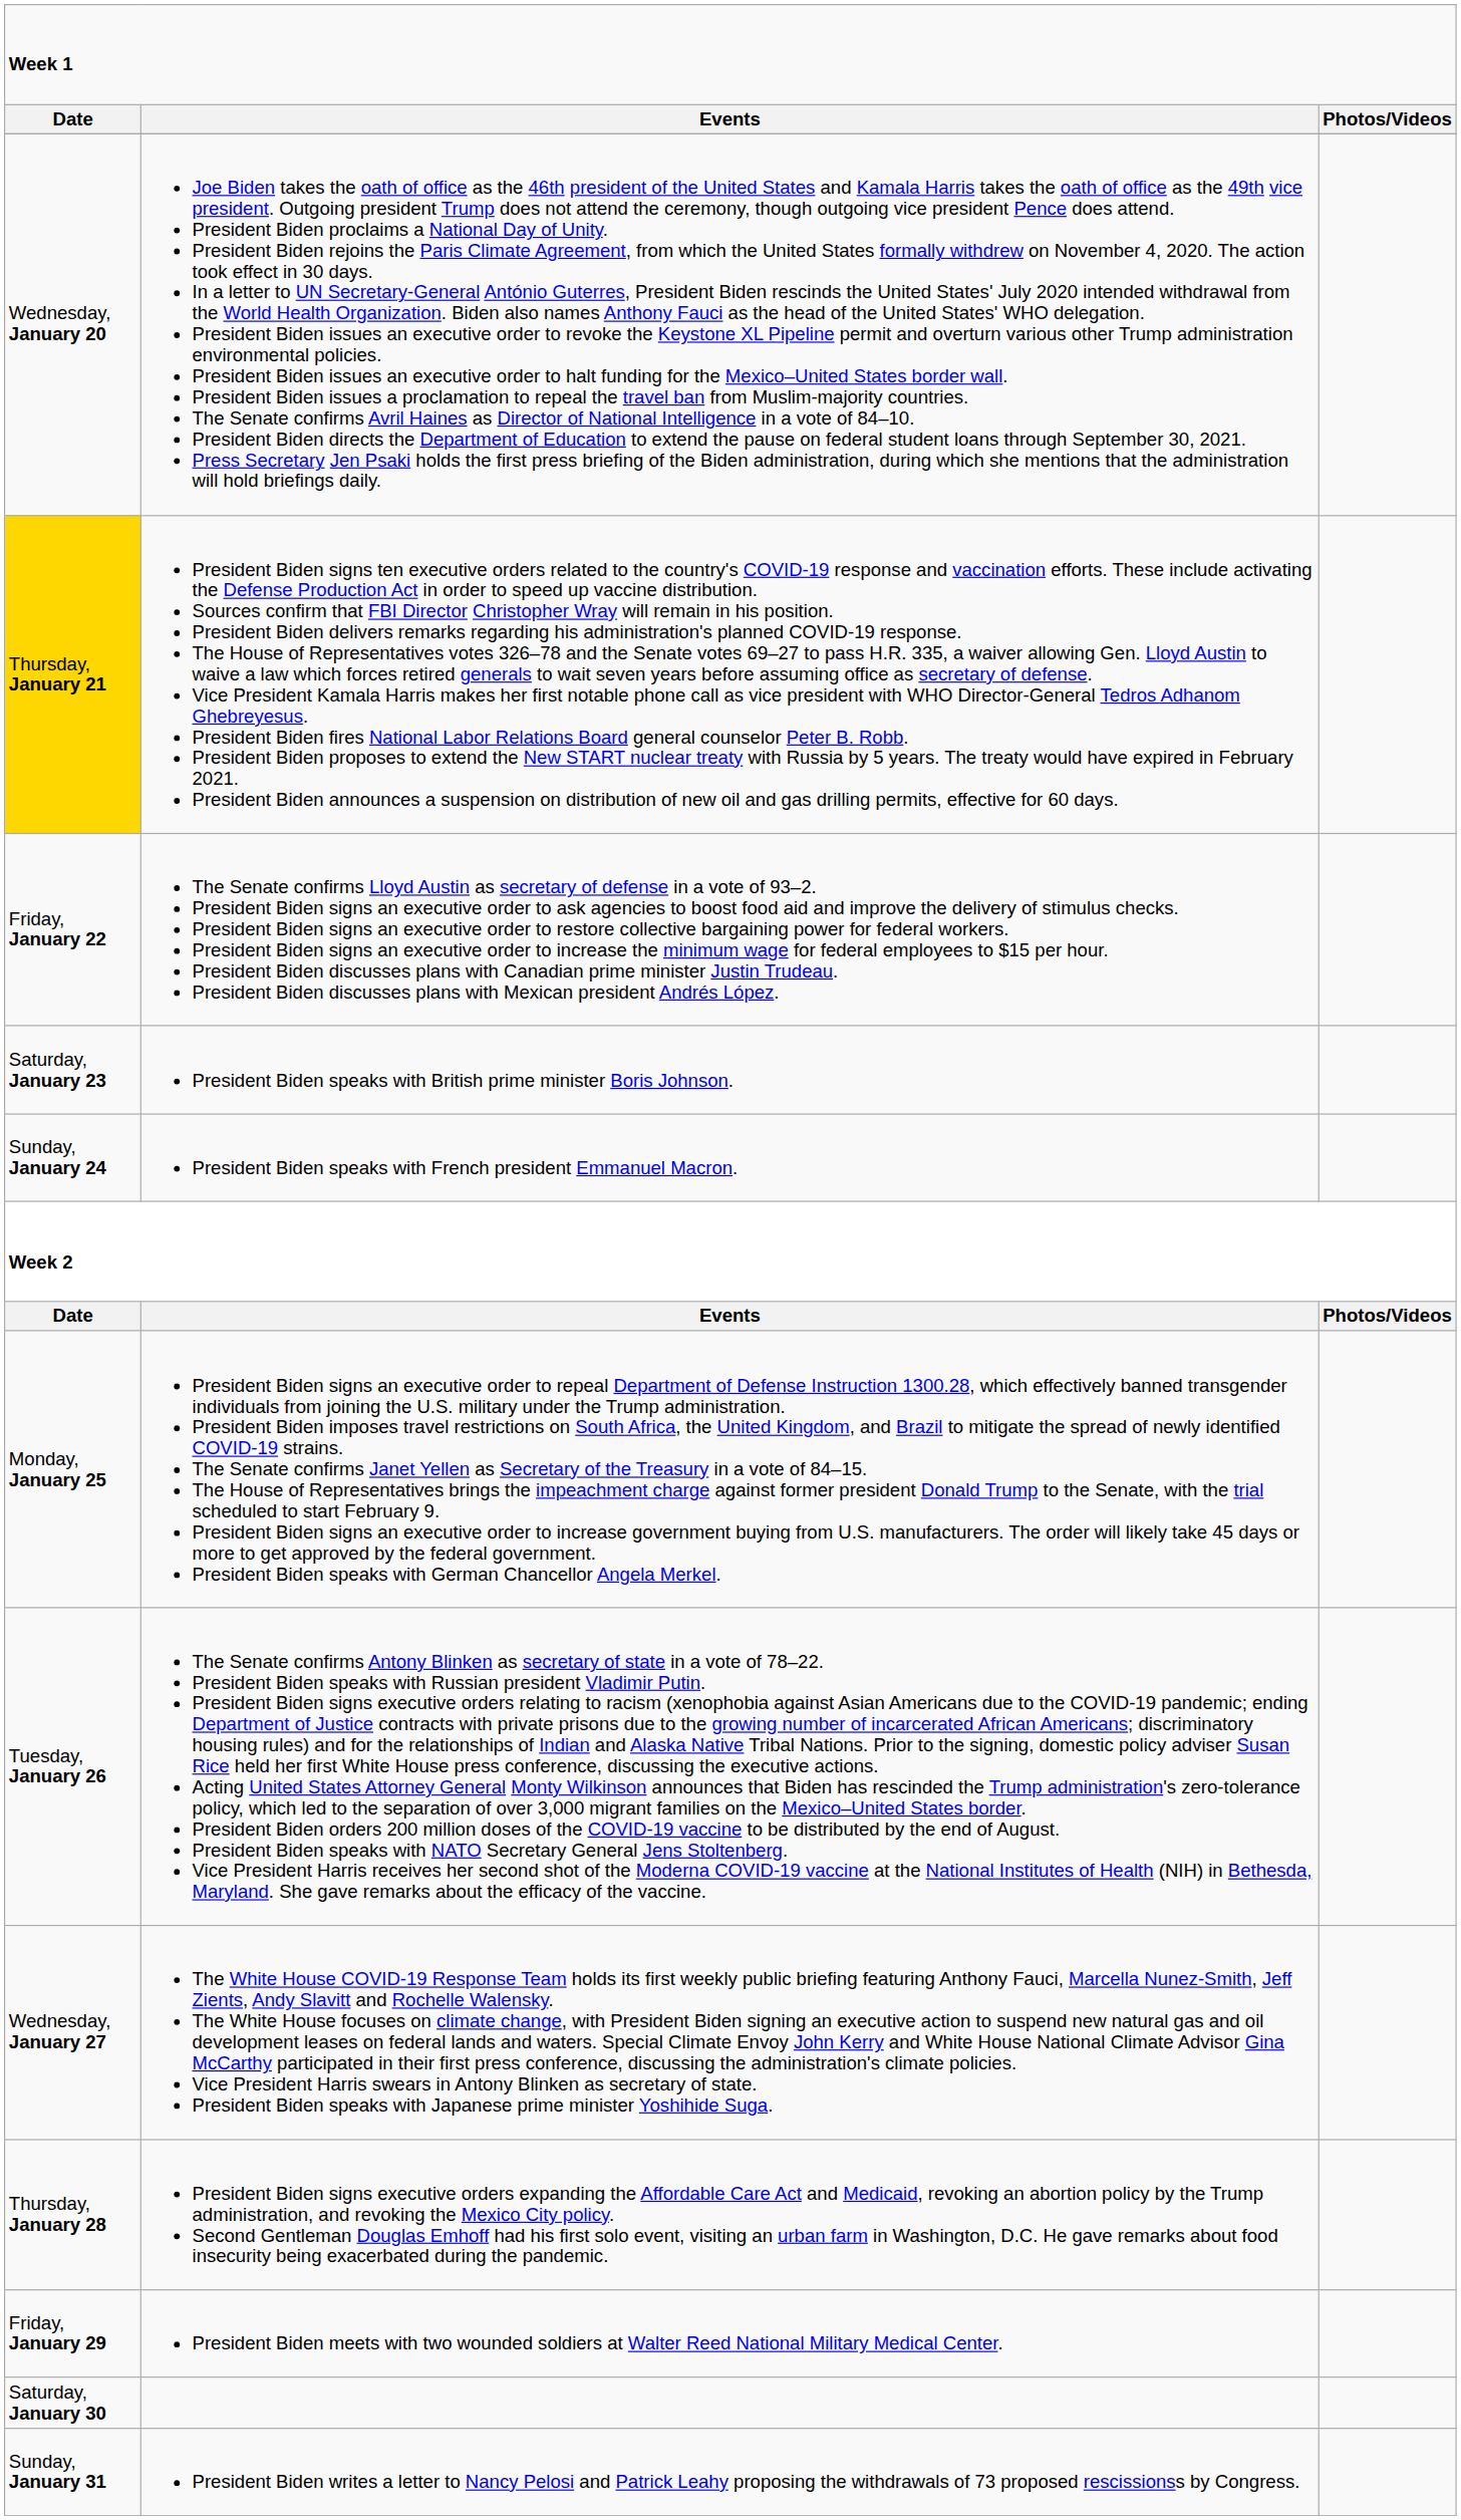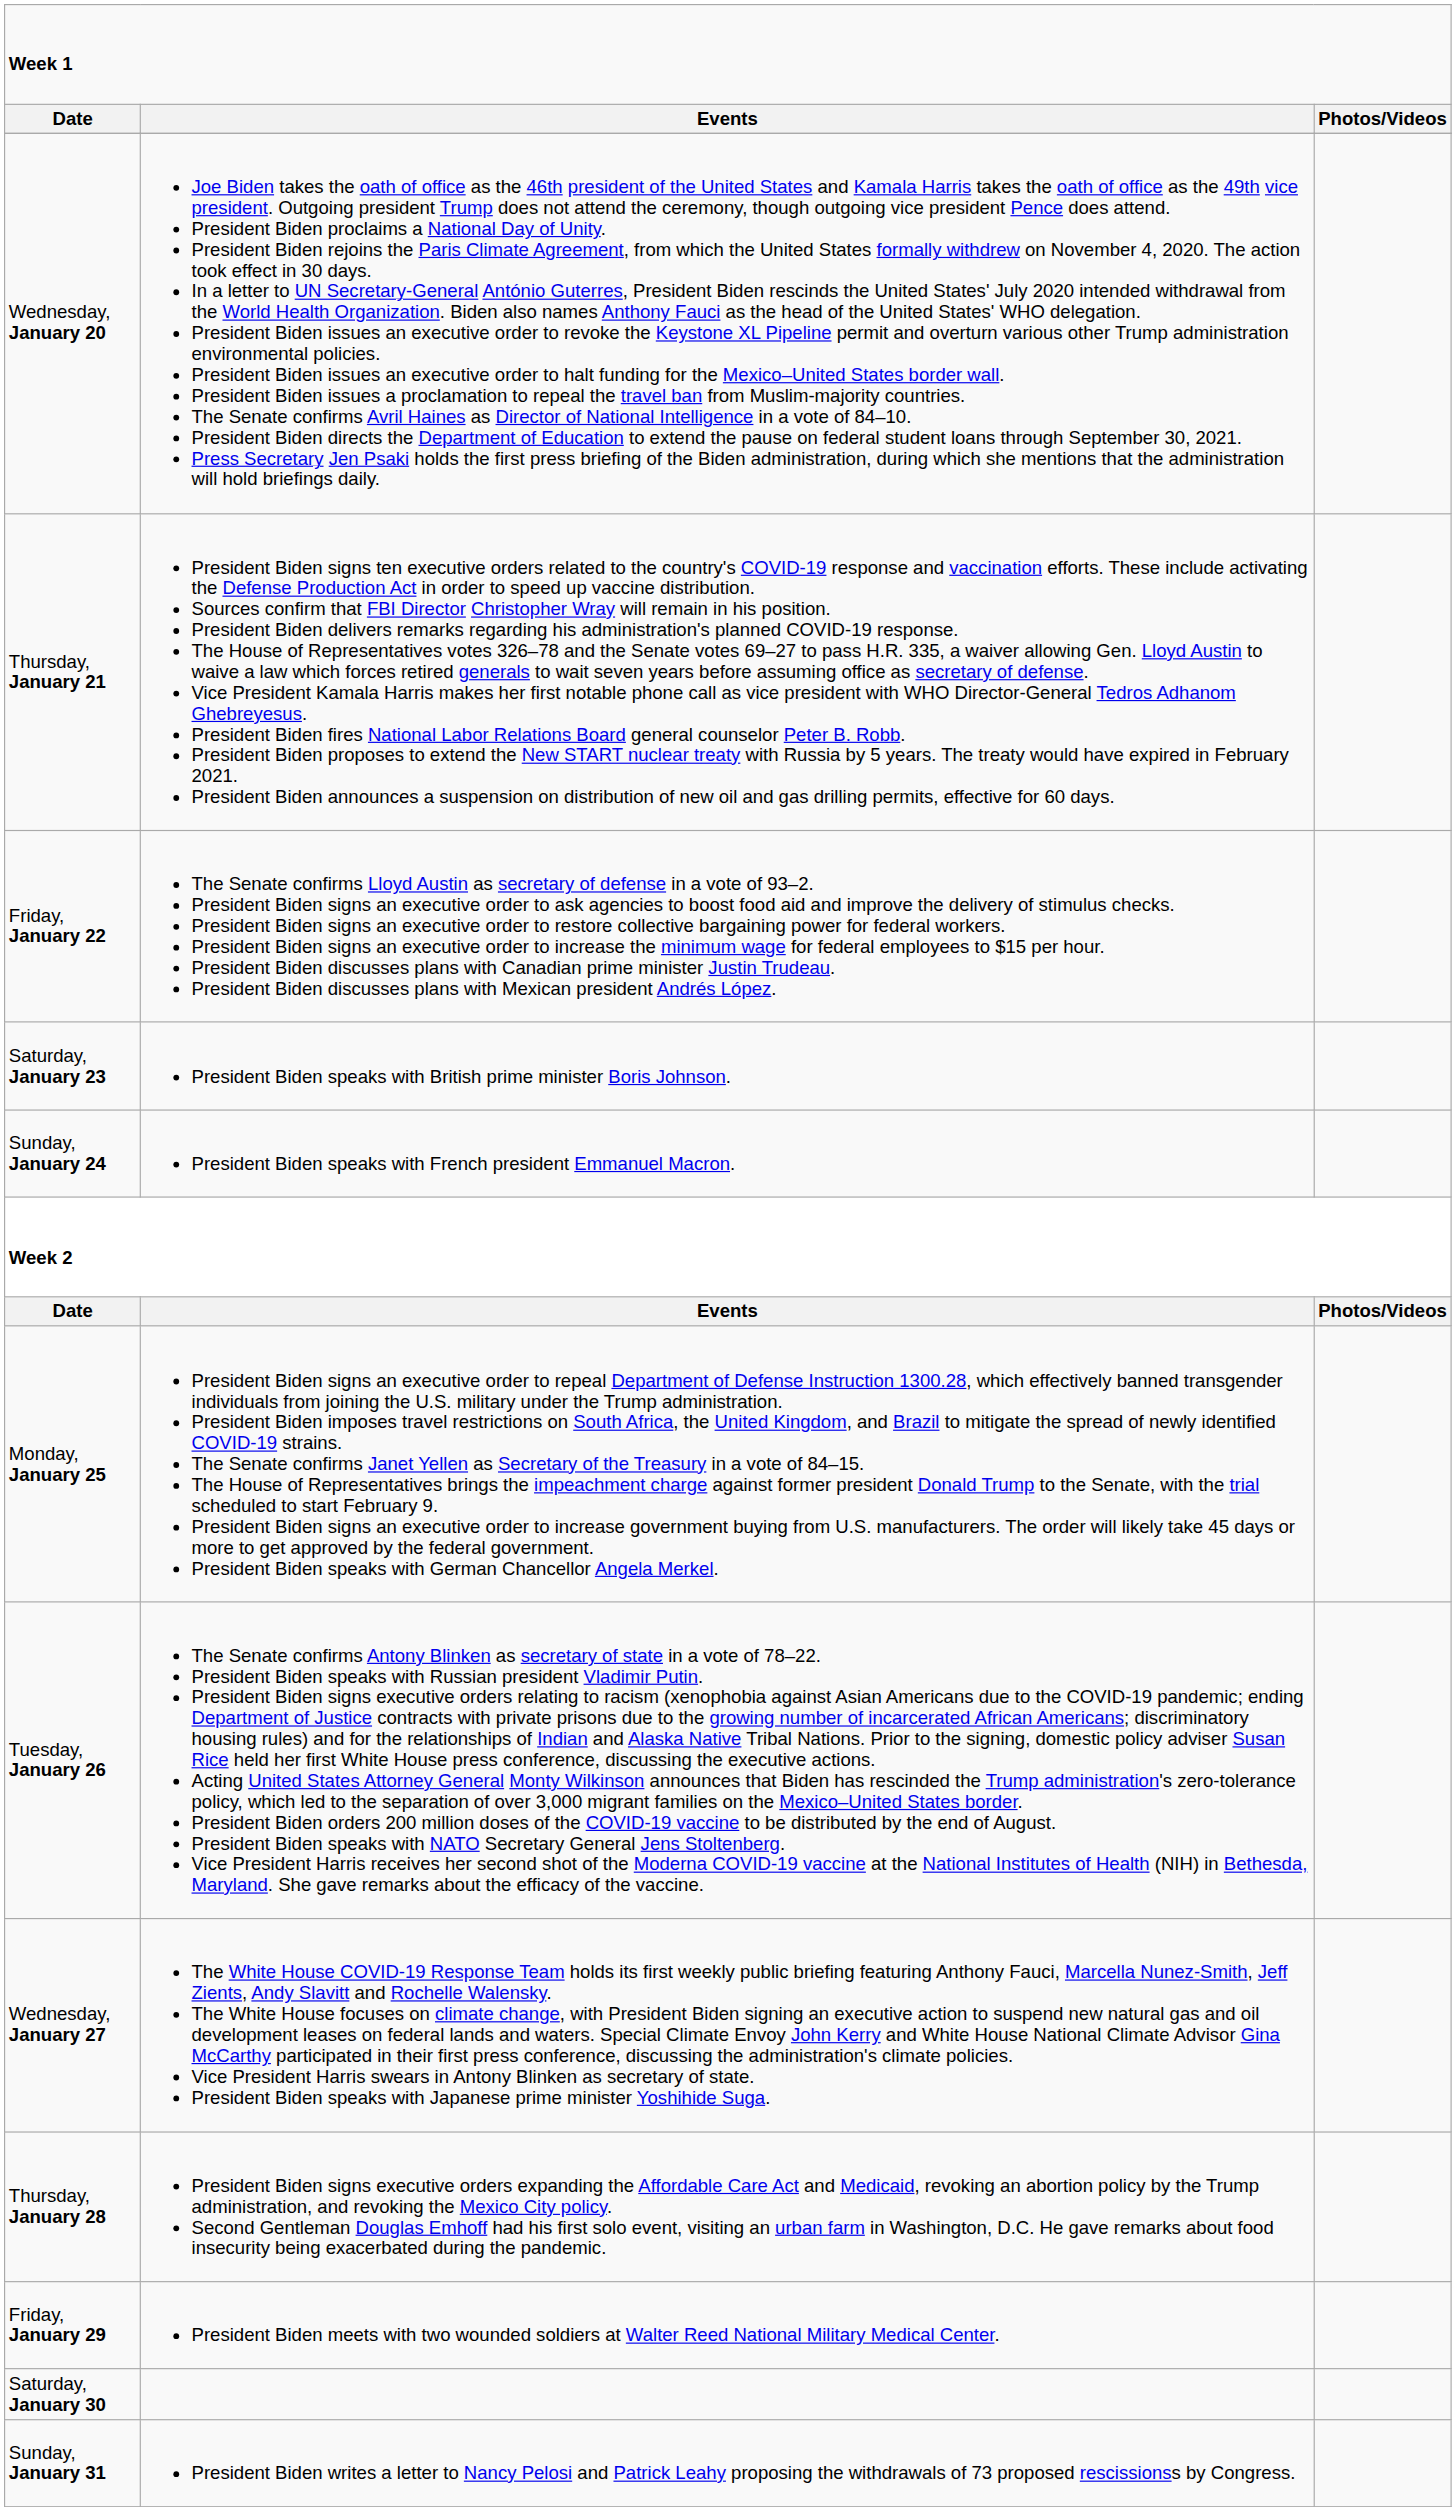 <table class="wikitable">
 <tr>
 <td colspan="3"><br><h4>Week 1</h4></td>
 </tr>
 <tr>
 <th>Date</th>
 <th>Events</th>
 <th>Photos/Videos</th>
 </tr>
 <tr style="background:white;">
 </tr>
 <tr>
 <td>Wednesday, <strong>January 20</strong></td>
 <td><br><ul><li><a href='#'>Joe Biden</a> takes the <a href='#'>oath of office</a> as the <a href='#'>46th</a> <a href='#'>president of the United States</a> and <a href='#'>Kamala Harris</a> takes the <a href='#'>oath of office</a> as the <a href='#'>49th</a> <a href='#'>vice president</a>. Outgoing president <a href='#'>Trump</a> does not attend the ceremony, though outgoing vice president <a href='#'>Pence</a> does attend.</li><li>President Biden proclaims a <a href='#'>National Day of Unity</a>.</li><li>President Biden rejoins the <a href='#'>Paris Climate Agreement</a>, from which the United States <a href='#'>formally withdrew</a> on November 4, 2020. The action took effect in 30 days.</li><li>In a letter to <a href='#'>UN Secretary-General</a> <a href='#'>António Guterres</a>, President Biden rescinds the United States' July 2020 intended withdrawal from the <a href='#'>World Health Organization</a>. Biden also names <a href='#'>Anthony Fauci</a> as the head of the United States' WHO delegation.</li><li>President Biden issues an executive order to revoke the <a href='#'>Keystone XL Pipeline</a> permit and overturn various other Trump administration environmental policies.</li><li>President Biden issues an executive order to halt funding for the <a href='#'>Mexico–United States border wall</a>.</li><li>President Biden issues a proclamation to repeal the <a href='#'>travel ban</a> from Muslim-majority countries.</li><li>The Senate confirms <a href='#'>Avril Haines</a> as <a href='#'>Director of National Intelligence</a> in a vote of 84–10.</li><li>President Biden directs the <a href='#'>Department of Education</a> to extend the pause on federal student loans through September 30, 2021.</li><li><a href='#'>Press Secretary</a> <a href='#'>Jen Psaki</a> holds the first press briefing of the Biden administration, during which she mentions that the administration will hold briefings daily.</li></ul></td>
 <td><br></td>
 </tr>
 <tr>
-<td style="background: gold;">Thursday, <strong>January 21</strong></td>
+<td>Thursday, <strong>January 21</strong></td>
 <td><br><ul><li>President Biden signs ten executive orders related to the country's <a href='#'>COVID-19</a> response and <a href='#'>vaccination</a> efforts. These include activating the <a href='#'>Defense Production Act</a> in order to speed up vaccine distribution.</li><li>Sources confirm that <a href='#'>FBI Director</a> <a href='#'>Christopher Wray</a> will remain in his position.</li><li>President Biden delivers remarks regarding his administration's planned COVID-19 response.</li><li>The House of Representatives votes 326–78 and the Senate votes 69–27 to pass H.R. 335, a waiver allowing Gen. <a href='#'>Lloyd Austin</a> to waive a law which forces retired <a href='#'>generals</a> to wait seven years before assuming office as <a href='#'>secretary of defense</a>.</li><li>Vice President Kamala Harris makes her first notable phone call as vice president with WHO Director-General <a href='#'>Tedros Adhanom Ghebreyesus</a>.</li><li>President Biden fires <a href='#'>National Labor Relations Board</a> general counselor <a href='#'>Peter B. Robb</a>.</li><li>President Biden proposes to extend the <a href='#'>New START nuclear treaty</a> with Russia by 5 years.  The treaty would have expired in February 2021.</li><li>President Biden announces a suspension on distribution of new oil and gas drilling permits, effective for 60 days.</li></ul></td>
 <td></td>
 </tr>
 <tr>
 <td>Friday, <strong>January 22</strong></td>
 <td><br><ul><li>The Senate confirms <a href='#'>Lloyd Austin</a> as <a href='#'>secretary of defense</a> in a vote of 93–2.</li><li>President Biden signs an executive order to ask agencies to boost food aid and improve the delivery of stimulus checks.</li><li>President Biden signs an executive order to restore collective bargaining power for federal workers.</li><li>President Biden signs an executive order to increase the <a href='#'>minimum wage</a> for federal employees to $15 per hour.</li><li>President Biden discusses plans with Canadian prime minister <a href='#'>Justin Trudeau</a>.</li><li>President Biden discusses plans with Mexican president <a href='#'>Andrés López</a>.</li></ul></td>
 <td><br></td>
 </tr>
 <tr>
 <td>Saturday, <strong>January 23</strong></td>
 <td><br><ul><li>President Biden speaks with British prime minister <a href='#'>Boris Johnson</a>.</li></ul></td>
 <td></td>
 </tr>
 <tr>
 <td>Sunday, <strong>January 24</strong></td>
 <td><br><ul><li>President Biden speaks with French president <a href='#'>Emmanuel Macron</a>.</li></ul></td>
 <td></td>
 </tr>
 <tr style="background:white;">
 <td colspan="3"><br><h4>Week 2</h4></td>
 </tr>
 <tr>
 <th>Date</th>
 <th>Events</th>
 <th>Photos/Videos</th>
 </tr>
 <tr>
 <td>Monday, <strong>January 25</strong></td>
 <td><br><ul><li>President Biden signs an executive order to repeal <a href='#'>Department of Defense Instruction 1300.28</a>, which effectively banned transgender individuals from joining the U.S. military under the Trump administration.</li><li>President Biden imposes travel restrictions on <a href='#'>South Africa</a>, the <a href='#'>United Kingdom</a>, and <a href='#'>Brazil</a> to mitigate the spread of newly identified <a href='#'>COVID-19</a> strains.</li><li>The Senate confirms <a href='#'>Janet Yellen</a> as <a href='#'>Secretary of the Treasury</a> in a vote of 84–15.</li><li>The House of Representatives brings the <a href='#'>impeachment charge</a> against former president <a href='#'>Donald Trump</a> to the Senate, with the <a href='#'>trial</a> scheduled to start February 9.</li><li>President Biden signs an executive order to increase government buying from U.S. manufacturers. The order will likely take 45 days or more to get approved by the federal government.</li><li>President Biden speaks with German Chancellor <a href='#'>Angela Merkel</a>.</li></ul></td>
 <td></td>
 </tr>
 <tr>
 <td>Tuesday, <strong>January 26</strong></td>
 <td><br><ul><li>The Senate confirms <a href='#'>Antony Blinken</a> as <a href='#'>secretary of state</a> in a vote of 78–22.</li><li>President Biden speaks with Russian president <a href='#'>Vladimir Putin</a>.</li><li>President Biden signs executive orders relating to racism (xenophobia against Asian Americans due to the COVID-19 pandemic; ending <a href='#'>Department of Justice</a> contracts with private prisons due to the <a href='#'>growing number of incarcerated African Americans</a>; discriminatory housing rules) and for the relationships of <a href='#'>Indian</a> and <a href='#'>Alaska Native</a> Tribal Nations. Prior to the signing, domestic policy adviser <a href='#'>Susan Rice</a> held her first White House press conference, discussing the executive actions.</li><li>Acting <a href='#'>United States Attorney General</a> <a href='#'>Monty Wilkinson</a> announces that Biden has rescinded the <a href='#'>Trump administration</a>'s zero-tolerance policy, which led to the separation of over 3,000 migrant families on the <a href='#'>Mexico–United States border</a>.</li><li>President Biden orders 200 million doses of the <a href='#'>COVID-19 vaccine</a> to be distributed by the end of August.</li><li>President Biden speaks with <a href='#'>NATO</a> Secretary General <a href='#'>Jens Stoltenberg</a>.</li><li>Vice President Harris receives her second shot of the <a href='#'>Moderna COVID-19 vaccine</a> at the <a href='#'>National Institutes of Health</a> (NIH) in <a href='#'>Bethesda, Maryland</a>. She gave remarks about the efficacy of the vaccine.</li></ul></td>
 <td><br> </td>
 </tr>
 <tr>
 <td>Wednesday, <strong>January 27</strong></td>
 <td><br><ul><li>The <a href='#'>White House COVID-19 Response Team</a> holds its first weekly public briefing featuring Anthony Fauci, <a href='#'>Marcella Nunez-Smith</a>, <a href='#'>Jeff Zients</a>, <a href='#'>Andy Slavitt</a> and <a href='#'>Rochelle Walensky</a>.</li><li>The White House focuses on <a href='#'>climate change</a>, with President Biden signing an executive action to suspend new natural gas and oil development leases on federal lands and waters. Special Climate Envoy <a href='#'>John Kerry</a> and White House National Climate Advisor <a href='#'>Gina McCarthy</a> participated in their first press conference, discussing the administration's climate policies.</li><li>Vice President Harris swears in Antony Blinken as secretary of state.</li><li>President Biden speaks with Japanese prime minister <a href='#'>Yoshihide Suga</a>.</li></ul></td>
 <td><br></td>
 </tr>
 <tr>
 <td>Thursday, <strong>January 28</strong></td>
 <td><br><ul><li>President Biden signs executive orders expanding the <a href='#'>Affordable Care Act</a> and <a href='#'>Medicaid</a>, revoking an abortion policy by the Trump administration, and revoking the <a href='#'>Mexico City policy</a>.</li><li>Second Gentleman <a href='#'>Douglas Emhoff</a> had his first solo event, visiting an <a href='#'>urban farm</a> in Washington, D.C. He gave remarks about food insecurity being exacerbated during the pandemic.</li></ul></td>
 <td></td>
 </tr>
 <tr>
 <td>Friday, <strong>January 29</strong></td>
 <td><br><ul><li>President Biden meets with two wounded soldiers at <a href='#'>Walter Reed National Military Medical Center</a>.</li></ul></td>
 <td></td>
 </tr>
 <tr>
 <td>Saturday, <strong>January 30</strong></td>
 <td></td>
 <td></td>
 </tr>
 <tr>
 <td>Sunday, <strong>January 31</strong></td>
 <td><br><ul><li>President Biden writes a letter to <a href='#'>Nancy Pelosi</a> and <a href='#'>Patrick Leahy</a> proposing the withdrawals of 73 proposed <a href='#'>rescissions</a>s by Congress.</li></ul></td>
 <td></td>
 </tr>
 </table>
